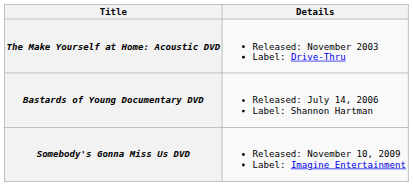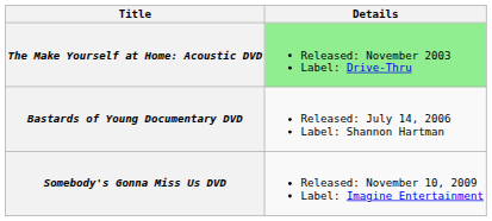 <table class="wikitable plainrowheaders">
 <tr>
 <th scope="col">Title</th>
 <th scope="col">Details</th>
 </tr>
 <tr>
 <th scope="row"><em>The Make Yourself at Home: Acoustic DVD</em></th>
-<td><br><ul><li>Released: November 2003</li><li>Label: <a href='#'>Drive-Thru</a></li></ul></td>
+<td style="background: lightgreen;"><br><ul><li>Released: November 2003</li><li>Label: <a href='#'>Drive-Thru</a></li></ul></td>
 </tr>
 <tr>
 <th scope="row"><em>Bastards of Young Documentary DVD</em></th>
 <td><br><ul><li>Released: July 14, 2006</li><li>Label: Shannon Hartman</li></ul></td>
 </tr>
 <tr>
 <th scope="row"><em>Somebody's Gonna Miss Us DVD</em></th>
 <td><br><ul><li>Released: November 10, 2009</li><li>Label: <a href='#'>Imagine Entertainment</a></li></ul></td>
 </tr>
 </table>
